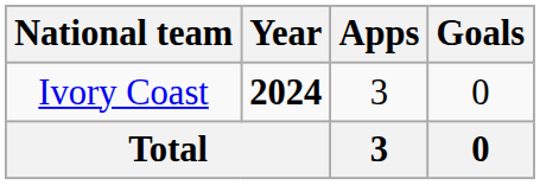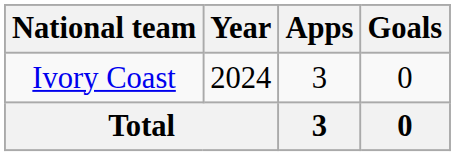 <table class="wikitable" style="text-align: center">
 <tr>
 <th>National team</th>
 <th>Year</th>
 <th>Apps</th>
 <th>Goals</th>
 </tr>
 <tr>
 <td><a href='#'>Ivory Coast</a></td>
-<td><strong>2024</strong></td>
+<td>2024</td>
 <td>3</td>
 <td>0</td>
 </tr>
 <tr>
 <th colspan="2">Total</th>
 <th>3</th>
 <th>0</th>
 </tr>
 </table>
